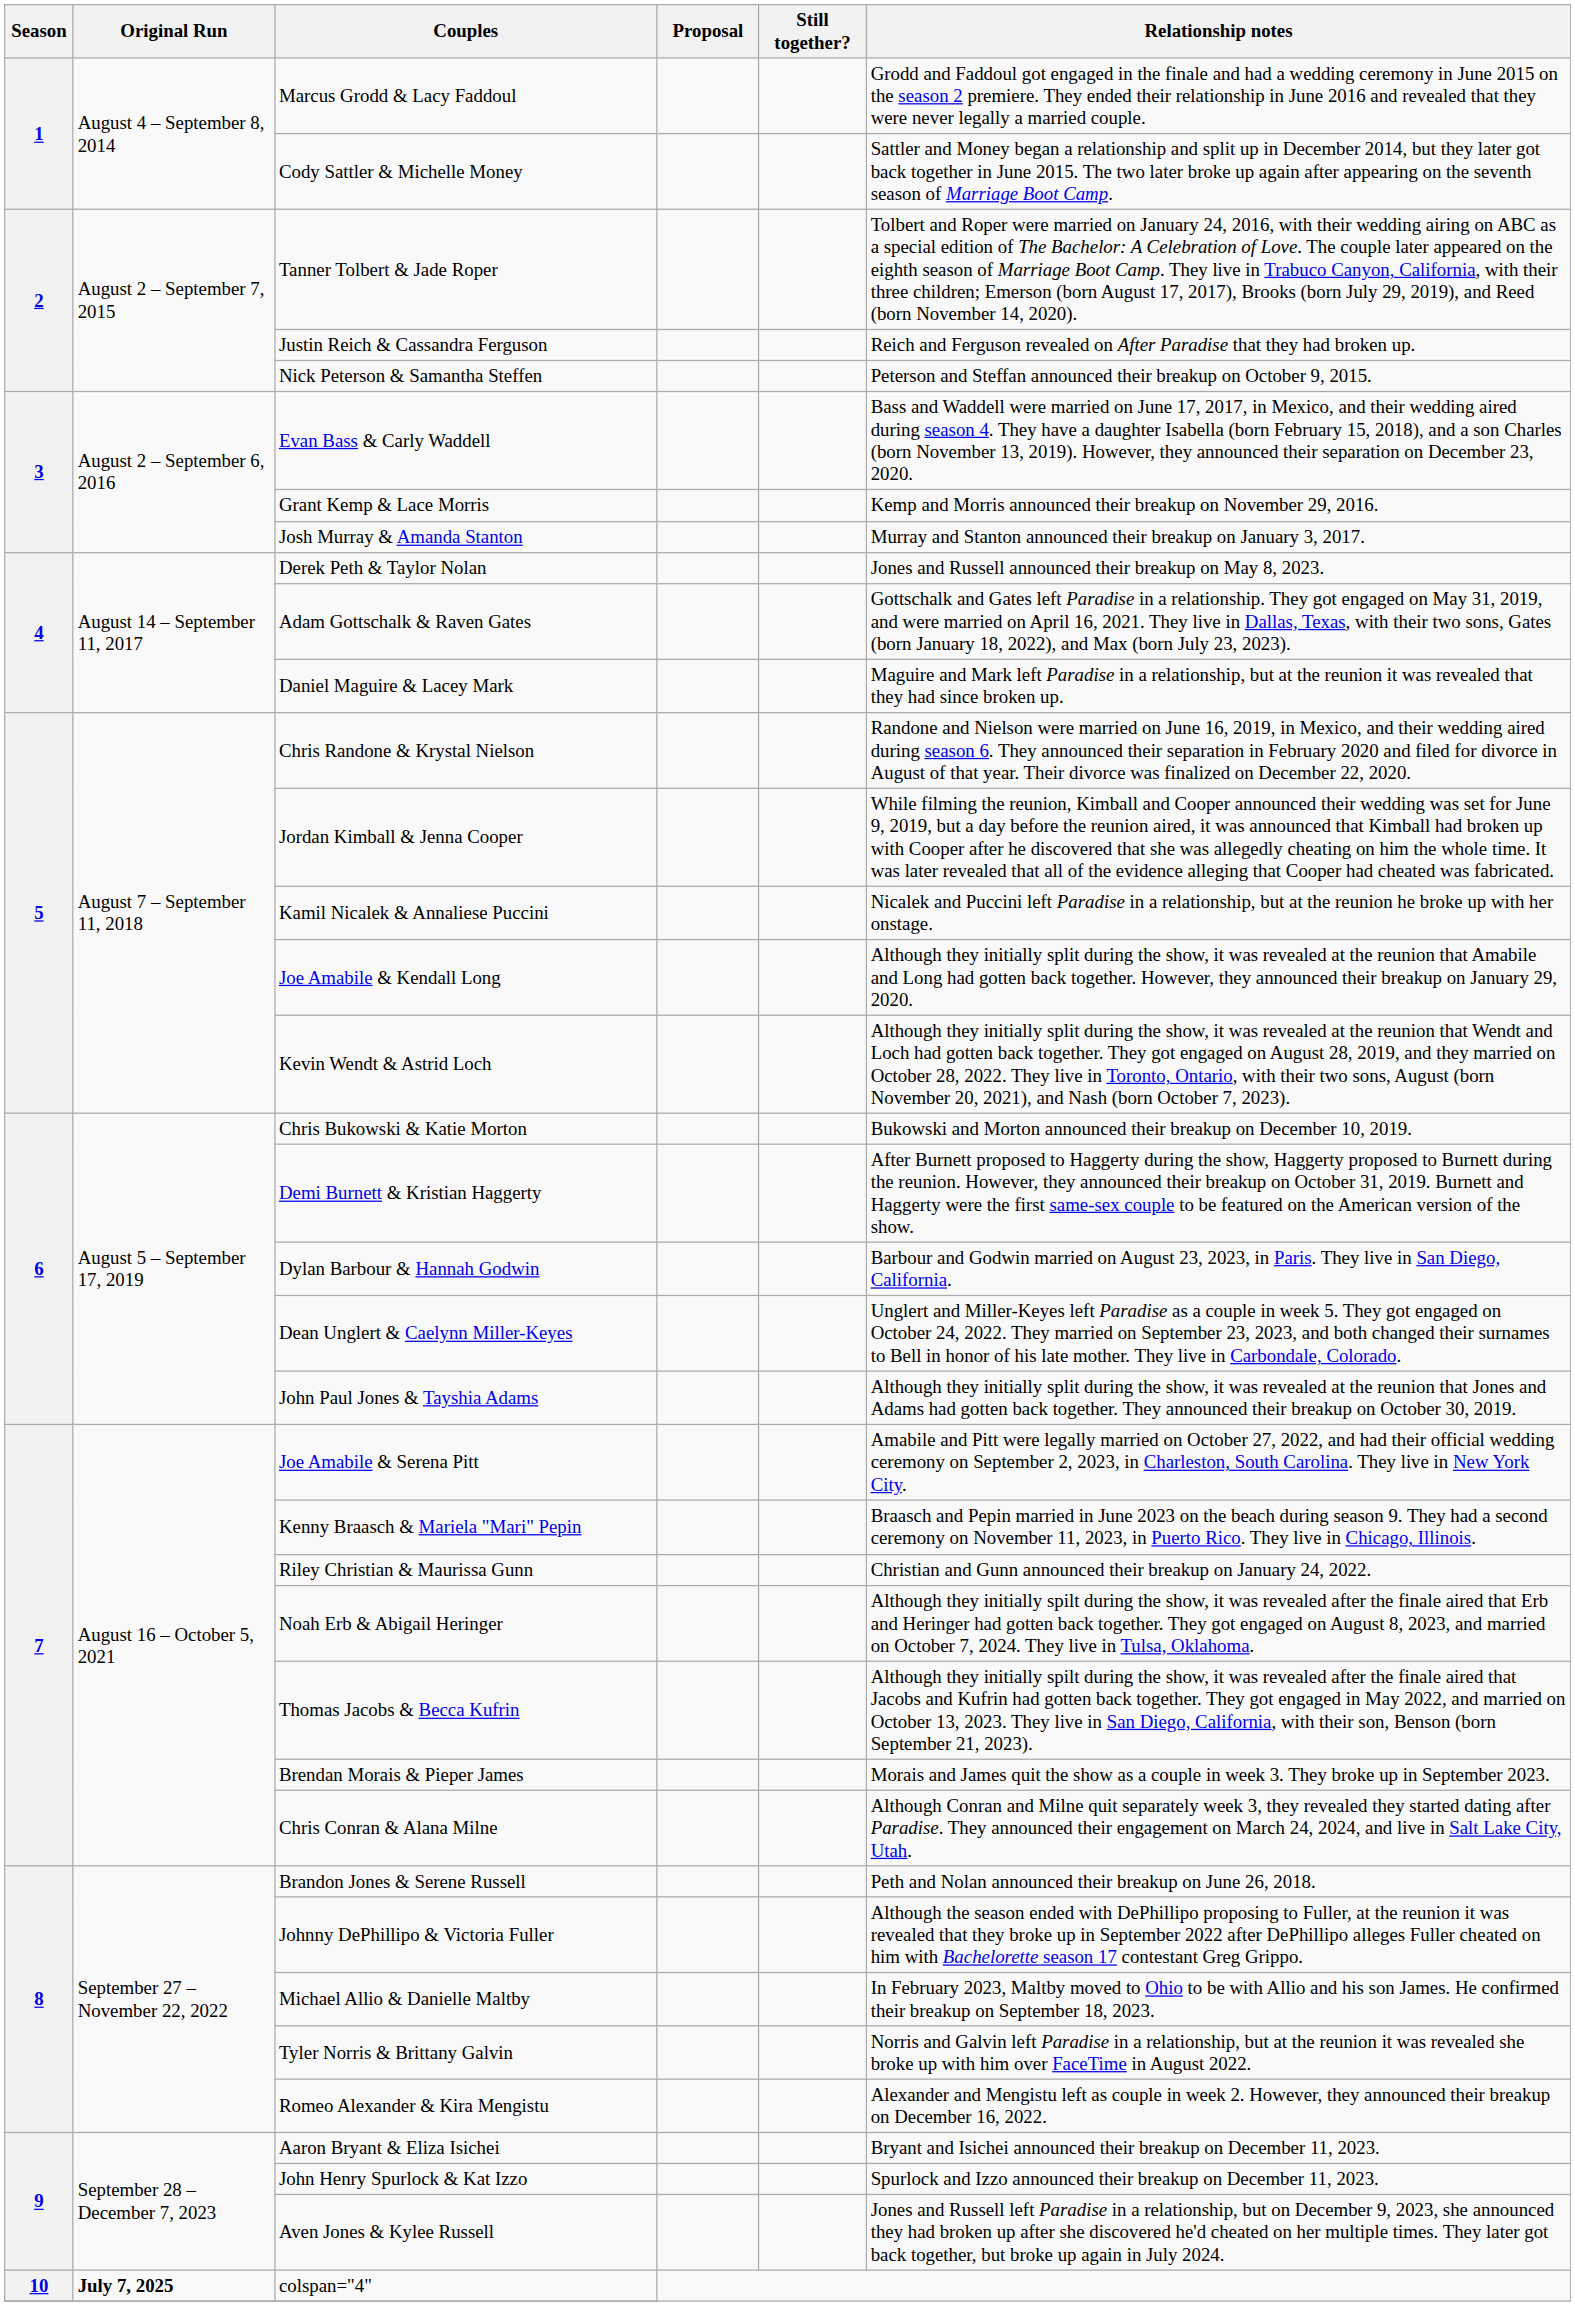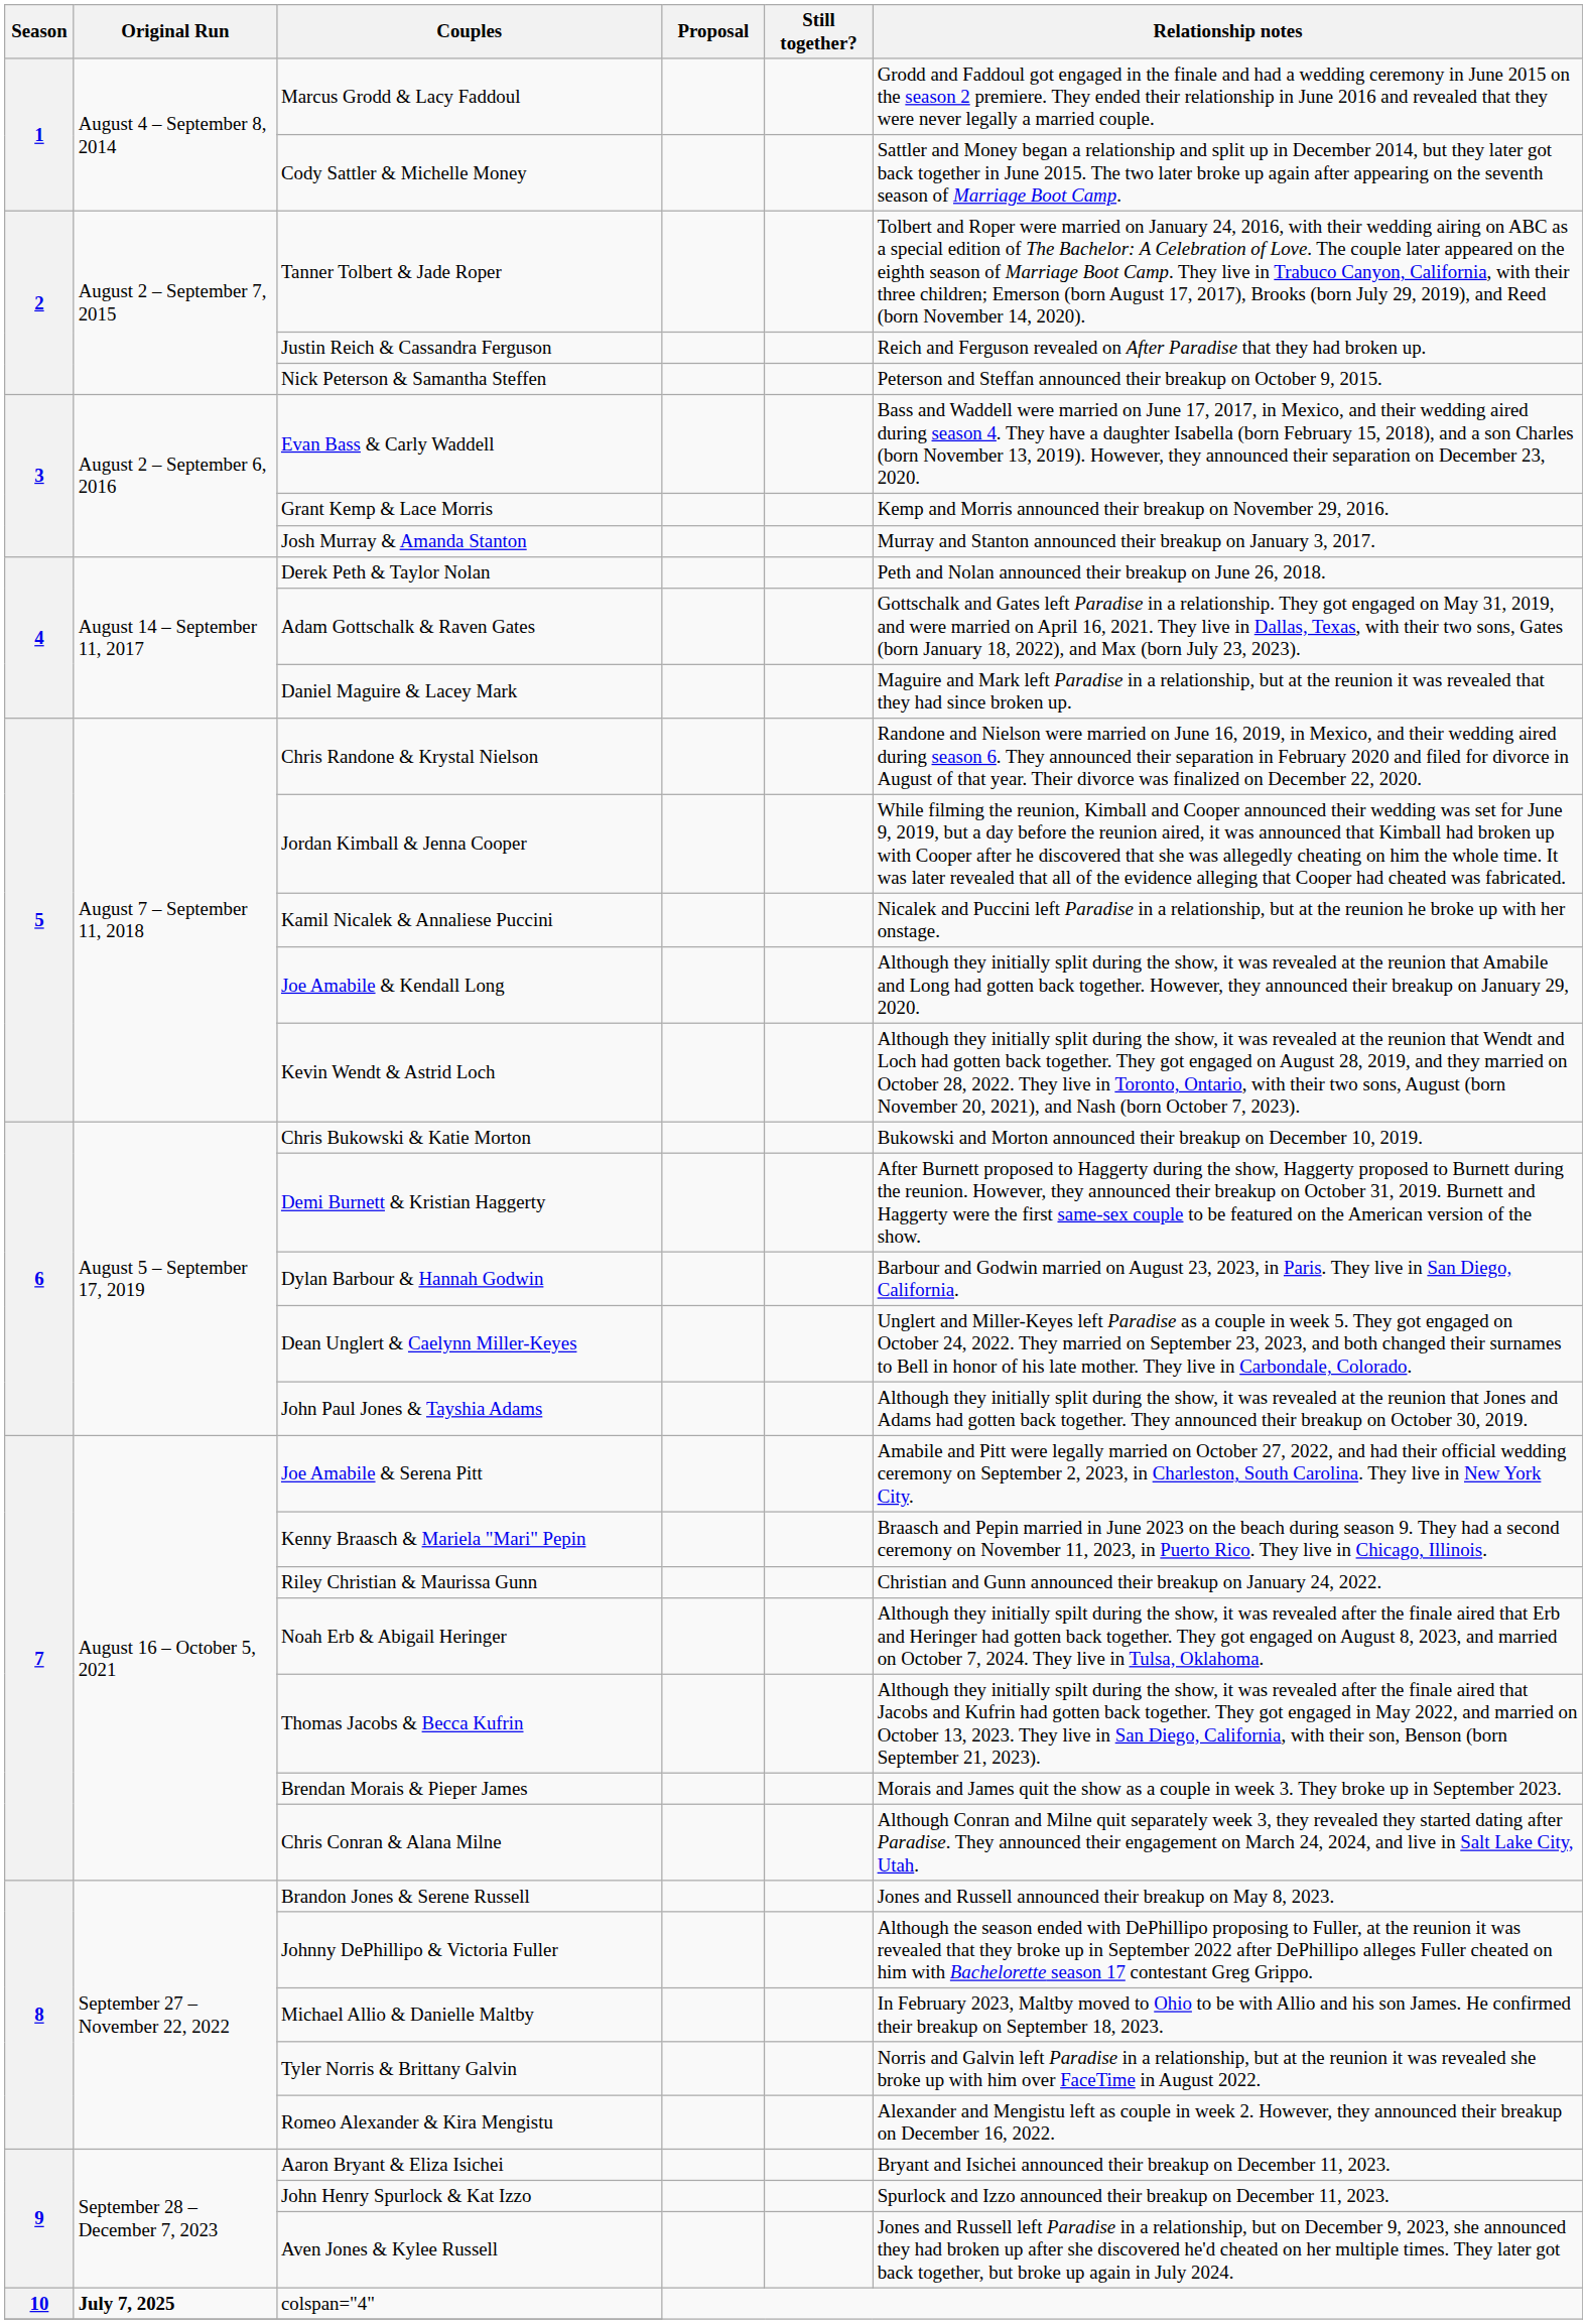 <table class="wikitable plainrowheaders" style="font-size:95%; width:100%;">
 <tr>
 <th scope="col" style="width:1%;">Season</th>
 <th scope="col" style="width:10%;">Original Run</th>
 <th scope="col" width="19%">Couples</th>
 <th scope="col" width="5%">Proposal</th>
 <th scope="col" width="5%">Still together?</th>
 <th scope="col" width="35%">Relationship notes</th>
 </tr>
 <tr>
 <th rowspan="2"><a href='#'>1</a></th>
 <td rowspan="2">August 4 – September 8, 2014</td>
 <td>Marcus Grodd & Lacy Faddoul</td>
 <td></td>
 <td></td>
 <td>Grodd and Faddoul got engaged in the finale and had a wedding ceremony in June 2015 on the <a href='#'>season 2</a> premiere. They ended their relationship in June 2016 and revealed that they were never legally a married couple.</td>
 </tr>
 <tr>
 <td>Cody Sattler & Michelle Money</td>
 <td></td>
 <td></td>
 <td>Sattler and Money began a relationship and split up in December 2014, but they later got back together in June 2015. The two later broke up again after appearing on the seventh season of <em><a href='#'>Marriage Boot Camp</a></em>.</td>
 </tr>
 <tr>
 <th rowspan="3"><a href='#'>2</a></th>
 <td rowspan="3">August 2 – September 7, 2015</td>
 <td>Tanner Tolbert & Jade Roper</td>
 <td></td>
 <td></td>
 <td>Tolbert and Roper were married on January 24, 2016, with their wedding airing on ABC as a special edition of <em>The Bachelor: A Celebration of Love</em>. The couple later appeared on the eighth season of <em>Marriage Boot Camp</em>.  They live in <a href='#'>Trabuco Canyon, California</a>, with their three children; Emerson (born August 17, 2017), Brooks (born July 29, 2019), and Reed (born November 14, 2020).</td>
 </tr>
 <tr>
 <td>Justin Reich & Cassandra Ferguson</td>
 <td></td>
 <td></td>
 <td>Reich and Ferguson revealed on <em>After Paradise</em> that they had broken up.</td>
 </tr>
 <tr>
 <td>Nick Peterson & Samantha Steffen</td>
 <td></td>
 <td></td>
 <td>Peterson and Steffan announced their breakup on October 9, 2015.</td>
 </tr>
 <tr>
 <th rowspan="3"><a href='#'>3</a></th>
 <td rowspan="3">August 2 – September 6, 2016</td>
 <td><a href='#'>Evan Bass</a> & Carly Waddell</td>
 <td></td>
 <td></td>
 <td>Bass and Waddell were married on June 17, 2017, in Mexico, and their wedding aired during <a href='#'>season 4</a>. They have a daughter Isabella (born February 15, 2018), and a son Charles (born November 13, 2019). However, they announced their separation on December 23, 2020.</td>
 </tr>
 <tr>
 <td>Grant Kemp & Lace Morris</td>
 <td></td>
 <td></td>
 <td>Kemp and Morris announced their breakup on November 29, 2016.</td>
 </tr>
 <tr>
 <td>Josh Murray & <a href='#'>Amanda Stanton</a></td>
 <td></td>
 <td></td>
 <td>Murray and Stanton announced their breakup on January 3, 2017.</td>
 </tr>
 <tr>
 <th rowspan="3"><a href='#'>4</a></th>
 <td rowspan="3">August 14 – September 11, 2017</td>
 <td>Derek Peth & Taylor Nolan</td>
 <td></td>
 <td></td>
-<td>Jones and Russell announced their breakup on May 8, 2023.</td>
+<td>Peth and Nolan announced their breakup on June 26, 2018.</td>
 </tr>
 <tr>
 <td>Adam Gottschalk & Raven Gates</td>
 <td></td>
 <td></td>
 <td>Gottschalk and Gates left <em>Paradise</em> in a relationship. They got engaged on May 31, 2019, and were married on April 16, 2021. They live in <a href='#'>Dallas, Texas</a>, with their two sons, Gates (born January 18, 2022), and Max (born July 23, 2023).</td>
 </tr>
 <tr>
 <td>Daniel Maguire & Lacey Mark</td>
 <td></td>
 <td></td>
 <td>Maguire and Mark left <em>Paradise</em> in a relationship, but at the reunion it was revealed that they had since broken up.</td>
 </tr>
 <tr>
 <th rowspan="5"><a href='#'>5</a></th>
 <td rowspan="5">August 7 – September 11, 2018</td>
 <td>Chris Randone & Krystal Nielson</td>
 <td></td>
 <td></td>
 <td>Randone and Nielson were married on June 16, 2019, in Mexico, and their wedding aired during <a href='#'>season 6</a>. They announced their separation in February 2020 and filed for divorce in August of that year. Their divorce was finalized on December 22, 2020.</td>
 </tr>
 <tr>
 <td>Jordan Kimball & Jenna Cooper</td>
 <td></td>
 <td></td>
 <td>While filming the reunion, Kimball and Cooper announced their wedding was set for June 9, 2019, but a day before the reunion aired, it was announced that Kimball had broken up with Cooper after he discovered that she was allegedly cheating on him the whole time.  It was later revealed that all of the evidence alleging that Cooper had cheated was fabricated.</td>
 </tr>
 <tr>
 <td>Kamil Nicalek & Annaliese Puccini</td>
 <td></td>
 <td></td>
 <td>Nicalek and Puccini left <em>Paradise</em> in a relationship, but at the reunion he broke up with her onstage.</td>
 </tr>
 <tr>
 <td><a href='#'>Joe Amabile</a> & Kendall Long</td>
 <td></td>
 <td></td>
 <td>Although they initially split during the show, it was revealed at the reunion that Amabile and Long had gotten back together. However, they announced their breakup on January 29, 2020.</td>
 </tr>
 <tr>
 <td>Kevin Wendt & Astrid Loch</td>
 <td></td>
 <td></td>
 <td>Although they initially split during the show, it was revealed at the reunion that Wendt and Loch had gotten back together. They got engaged on August 28, 2019, and they married on October 28, 2022. They live in <a href='#'>Toronto, Ontario</a>, with their two sons, August (born November 20, 2021), and Nash (born October 7, 2023).</td>
 </tr>
 <tr>
 <th rowspan="5"><a href='#'>6</a></th>
 <td rowspan="5">August 5 – September 17, 2019</td>
 <td>Chris Bukowski & Katie Morton</td>
 <td></td>
 <td></td>
 <td>Bukowski and Morton announced their breakup on December 10, 2019.</td>
 </tr>
 <tr>
 <td><a href='#'>Demi Burnett</a> & Kristian Haggerty</td>
 <td></td>
 <td></td>
 <td>After Burnett proposed to Haggerty during the show, Haggerty proposed to Burnett during the reunion. However, they announced their breakup on October 31, 2019. Burnett and Haggerty were the first <a href='#'>same-sex couple</a> to be featured on the American version of the show.</td>
 </tr>
 <tr>
 <td>Dylan Barbour & <a href='#'>Hannah Godwin</a></td>
 <td></td>
 <td></td>
 <td>Barbour and Godwin married on August 23, 2023, in <a href='#'>Paris</a>. They live in <a href='#'>San Diego, California</a>.</td>
 </tr>
 <tr>
 <td>Dean Unglert & <a href='#'>Caelynn Miller-Keyes</a></td>
 <td></td>
 <td></td>
 <td>Unglert and Miller-Keyes left <em>Paradise</em> as a couple in week 5. They got engaged on October 24, 2022. They married on September 23, 2023, and both changed their surnames to Bell in honor of his late mother. They live in <a href='#'>Carbondale, Colorado</a>.</td>
 </tr>
 <tr>
 <td>John Paul Jones & <a href='#'>Tayshia Adams</a></td>
 <td></td>
 <td></td>
 <td>Although they initially split during the show, it was revealed at the reunion that Jones and Adams had gotten back together. They announced their breakup on October 30, 2019.</td>
 </tr>
 <tr>
 <th rowspan="7"><a href='#'>7</a></th>
 <td rowspan="7">August 16 – October 5, 2021</td>
 <td><a href='#'>Joe Amabile</a> & Serena Pitt</td>
 <td></td>
 <td></td>
 <td>Amabile and Pitt were legally married on October 27, 2022, and had their official wedding ceremony on September 2, 2023, in <a href='#'>Charleston, South Carolina</a>. They live in <a href='#'>New York City</a>.</td>
 </tr>
 <tr>
 <td>Kenny Braasch & <a href='#'>Mariela "Mari" Pepin</a></td>
 <td></td>
 <td></td>
 <td>Braasch and Pepin married in June 2023 on the beach during season 9. They had a second ceremony on November 11, 2023, in <a href='#'>Puerto Rico</a>. They live in <a href='#'>Chicago, Illinois</a>.</td>
 </tr>
 <tr>
 <td>Riley Christian & Maurissa Gunn</td>
 <td></td>
 <td></td>
 <td>Christian and Gunn announced their breakup on January 24, 2022.</td>
 </tr>
 <tr>
 <td>Noah Erb & Abigail Heringer</td>
 <td></td>
 <td></td>
 <td>Although they initially spilt during the show, it was revealed after the finale aired that Erb and Heringer had gotten back together. They got engaged on August 8, 2023, and married on October 7, 2024. They live in <a href='#'>Tulsa, Oklahoma</a>.</td>
 </tr>
 <tr>
 <td>Thomas Jacobs & <a href='#'>Becca Kufrin</a></td>
 <td></td>
 <td></td>
 <td>Although they initially spilt during the show, it was revealed after the finale aired that Jacobs and Kufrin had gotten back together. They got engaged in May 2022, and married on October 13, 2023.  They live in <a href='#'>San Diego, California</a>, with their son, Benson (born September 21, 2023).</td>
 </tr>
 <tr>
 <td>Brendan Morais & Pieper James</td>
 <td></td>
 <td></td>
 <td>Morais and James quit the show as a couple in week 3. They broke up in September 2023.</td>
 </tr>
 <tr>
 <td>Chris Conran & Alana Milne</td>
 <td></td>
 <td></td>
 <td>Although Conran and Milne quit separately week 3, they revealed they started dating after <em>Paradise</em>. They announced their engagement on March 24, 2024, and live in <a href='#'>Salt Lake City, Utah</a>.</td>
 </tr>
 <tr>
 <th rowspan="5"><a href='#'>8</a></th>
 <td rowspan="5">September 27 – November 22, 2022</td>
 <td>Brandon Jones & Serene Russell</td>
 <td></td>
 <td></td>
-<td>Peth and Nolan announced their breakup on June 26, 2018.</td>
+<td>Jones and Russell announced their breakup on May 8, 2023.</td>
 </tr>
 <tr>
 <td>Johnny DePhillipo & Victoria Fuller</td>
 <td></td>
 <td></td>
 <td>Although the season ended with DePhillipo proposing to Fuller, at the reunion it was revealed that they broke up in September 2022 after DePhillipo alleges Fuller cheated on him with <a href='#'><em>Bachelorette</em> season 17</a> contestant Greg Grippo.</td>
 </tr>
 <tr>
 <td>Michael Allio & Danielle Maltby</td>
 <td></td>
 <td></td>
 <td>In February 2023, Maltby moved to <a href='#'>Ohio</a> to be with Allio and his son James. He confirmed their breakup on September 18, 2023.</td>
 </tr>
 <tr>
 <td>Tyler Norris & Brittany Galvin</td>
 <td></td>
 <td></td>
 <td>Norris and Galvin left <em>Paradise</em> in a relationship, but at the reunion it was revealed she broke up with him over <a href='#'>FaceTime</a> in August 2022.</td>
 </tr>
 <tr>
 <td>Romeo Alexander & Kira Mengistu</td>
 <td></td>
 <td></td>
 <td>Alexander and Mengistu left as couple in week 2. However, they announced their breakup on December 16, 2022.</td>
 </tr>
 <tr>
 <th rowspan="3"><a href='#'>9</a></th>
 <td rowspan="3">September 28 – December 7, 2023</td>
 <td>Aaron Bryant & Eliza Isichei</td>
 <td></td>
 <td></td>
 <td>Bryant and Isichei announced their breakup on December 11, 2023.</td>
 </tr>
 <tr>
 <td>John Henry Spurlock & Kat Izzo</td>
 <td></td>
 <td></td>
 <td>Spurlock and Izzo announced their breakup on December 11, 2023.</td>
 </tr>
 <tr>
 <td>Aven Jones & Kylee Russell</td>
 <td></td>
 <td></td>
 <td>Jones and Russell left <em>Paradise</em> in a relationship, but on December 9, 2023, she announced they had broken up after she discovered he'd cheated on her multiple times. They later got back together, but broke up again in July 2024.</td>
 </tr>
 <tr>
 <th><a href='#'>10</a></th>
 <td><strong>July 7, 2025</strong></td>
 <td>colspan="4" </td>
 </tr>
 <tr>
 </tr>
 </table>
